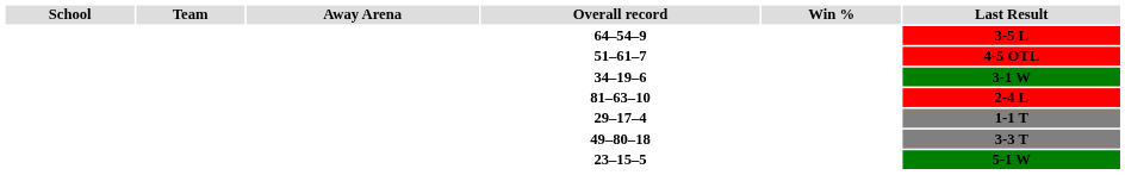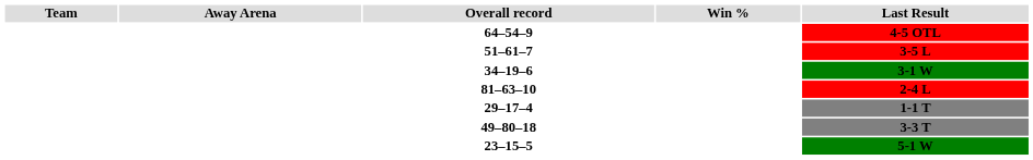 <table width="75%">
 <tr align="center"  bgcolor="#dddddd">
-<th>School</th>
 <th>Team</th>
 <th>Away Arena</th>
 <th>Overall record</th>
 <th>Win %</th>
 <th>Last Result</th>
 </tr>
 <tr align="center">
 <td><strong><a href='#'></a></strong></td>
-<td><strong><a href='#'></a></strong></td>
 <td><strong><a href='#'></a> </strong></td>
 <td><strong>64–54–9</strong></td>
-<td><strong></strong></td>
-<td bgcolor=red><strong>3-5 L</strong></td>
-</tr>
-<tr align="center">
-<td><strong><a href='#'></a></strong></td>
-<td><strong><a href='#'></a></strong></td>
-<td><strong><a href='#'></a> </strong></td>
-<td><strong>51–61–7</strong></td>
 <td><strong></strong></td>
 <td bgcolor=red><strong>4-5 OTL</strong></td>
 </tr>
 <tr align="center">
 <td><strong><a href='#'></a></strong></td>
+<td><strong><a href='#'></a> </strong></td>
+<td><strong>51–61–7</strong></td>
+<td><strong></strong></td>
+<td bgcolor=red><strong>3-5 L</strong></td>
+</tr>
+<tr align="center">
 <td><strong><a href='#'></a></strong></td>
 <td><strong><a href='#'></a> </strong></td>
 <td><strong>34–19–6</strong></td>
 <td><strong></strong></td>
 <td bgcolor=green><strong>3-1 W</strong></td>
 </tr>
 <tr align="center">
-<td><strong><a href='#'></a></strong></td>
 <td><strong><a href='#'></a></strong></td>
 <td><strong><a href='#'></a> </strong></td>
 <td><strong>81–63–10</strong></td>
 <td><strong></strong></td>
 <td bgcolor=red><strong>2-4 L</strong></td>
 </tr>
 <tr align="center">
 <td><strong><a href='#'></a></strong></td>
 <td><strong><a href='#'></a></strong></td>
-<td><strong><a href='#'></a></strong></td>
 <td><strong>29–17–4</strong></td>
 <td><strong></strong></td>
 <td bgcolor=grey><strong>1-1 T</strong></td>
 </tr>
 <tr align="center">
-<td><strong><a href='#'></a></strong></td>
 <td><strong><a href='#'></a></strong></td>
 <td><strong><a href='#'></a></strong></td>
 <td><strong>49–80–18</strong></td>
 <td><strong></strong></td>
 <td bgcolor=grey><strong>3-3 T</strong></td>
 </tr>
 <tr align="center">
 <td><strong><a href='#'></a></strong></td>
 <td><strong><a href='#'></a></strong></td>
-<td><strong><a href='#'></a></strong></td>
 <td><strong>23–15–5</strong></td>
 <td><strong></strong></td>
 <td bgcolor=green><strong>5-1 W</strong></td>
 </tr>
 </table>
